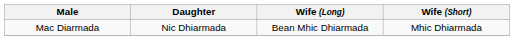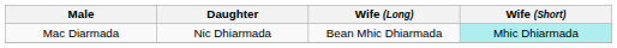 <table class="wikitable">
 <tr>
 <th width=20%>Male</th>
 <th width=20%>Daughter</th>
 <th width=20%>Wife <em><small>(Long)</small></em></th>
 <th width=20%>Wife <em><small>(Short)</small></em></th>
 </tr>
 <tr>
 <td align="center">Mac Diarmada</td>
 <td align="center">Nic Dhiarmada</td>
 <td align="center">Bean Mhic Dhiarmada</td>
-<td align="center">Mhic Dhiarmada</td>
+<td align="center" style="background: paleturquoise;">Mhic Dhiarmada</td>
 </tr>
 <tr>
 </tr>
 </table>
